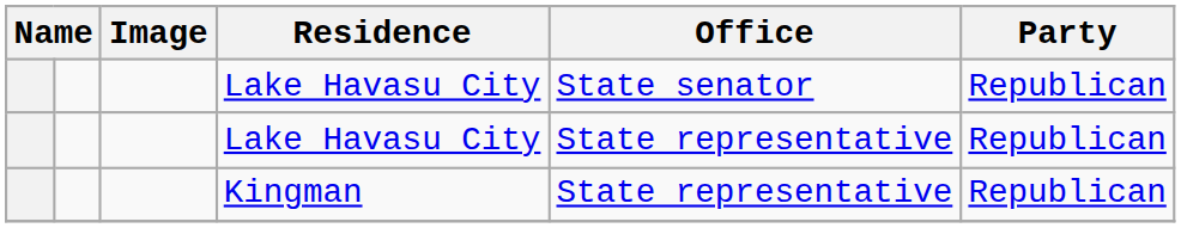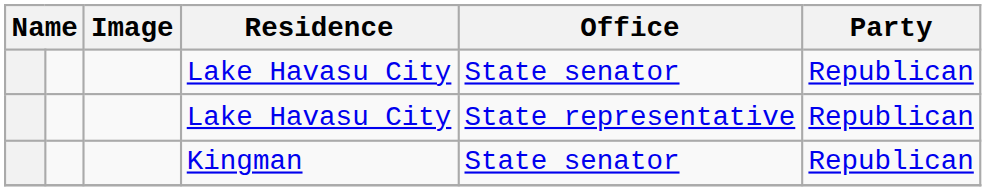 <table class="sortable wikitable">
 <tr valign=bottom>
 <th colspan="2">Name</th>
 <th>Image</th>
 <th>Residence</th>
 <th>Office</th>
 <th>Party</th>
 </tr>
 <tr>
 <th style="background-color:  "></th>
 <td></td>
 <td></td>
 <td><a href='#'>Lake Havasu City</a></td>
 <td><a href='#'>State senator</a></td>
 <td><a href='#'>Republican</a></td>
 </tr>
 <tr>
 <th style="background-color:  "></th>
 <td></td>
 <td></td>
 <td><a href='#'>Lake Havasu City</a></td>
 <td><a href='#'>State representative</a></td>
 <td><a href='#'>Republican</a></td>
 </tr>
 <tr>
 <th style="background-color:  "></th>
 <td></td>
 <td></td>
 <td><a href='#'>Kingman</a></td>
-<td><a href='#'>State representative</a></td>
+<td><a href='#'>State senator</a></td>
 <td><a href='#'>Republican</a></td>
 </tr>
 <tr>
 </tr>
 </table>
